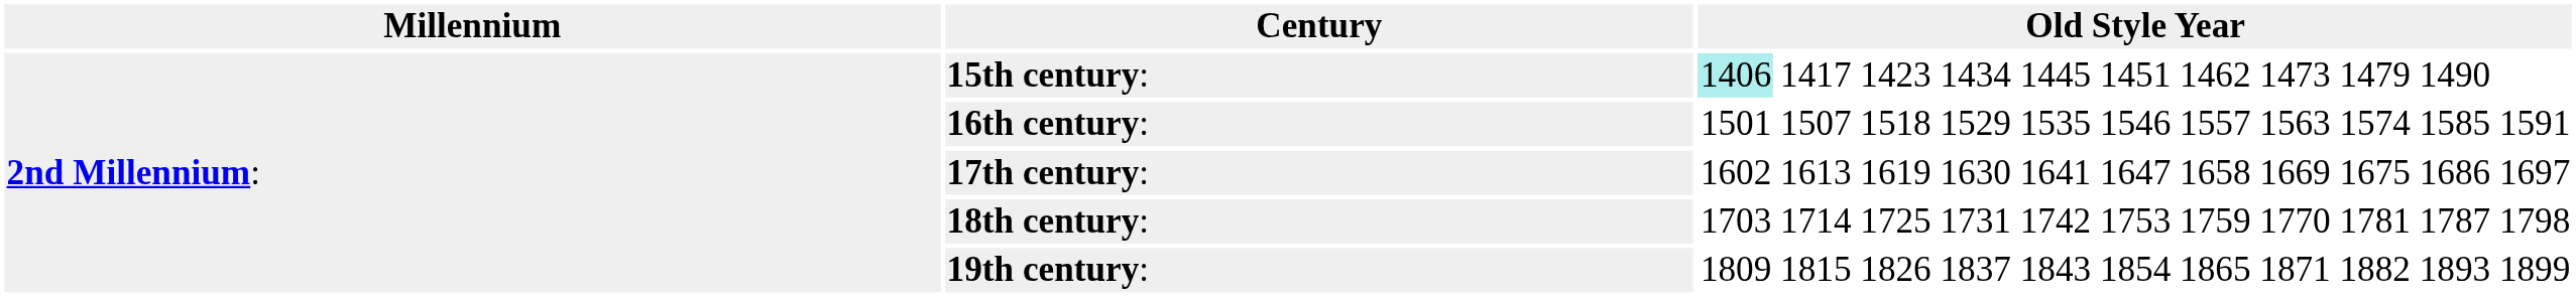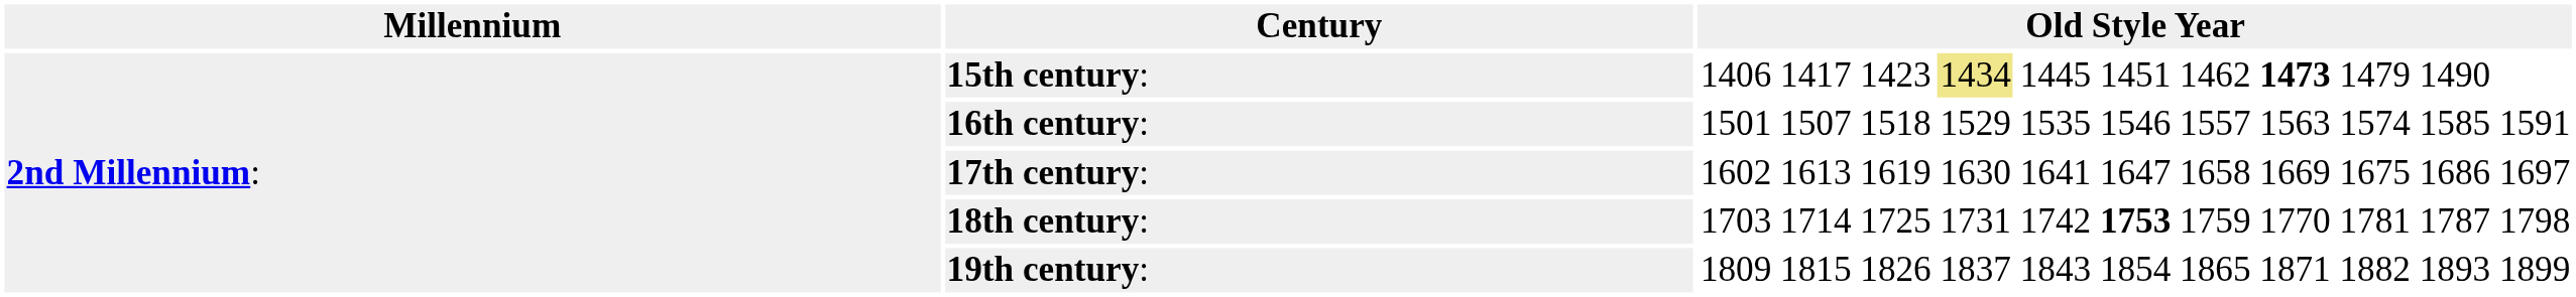 <table>
 <tr style="background-color:#efefef;">
 <th>Millennium</th>
 <th>Century</th>
 <th align="center" colspan="11">Old Style Year</th>
 </tr>
 <tr>
 <td style="background-color:#efefef;" rowspan="5"><strong><a href='#'>2nd Millennium</a></strong>:</td>
 <td style="background-color:#efefef;"><strong>15th century</strong>:</td>
-<td width="3%" style="background: paleturquoise;">1406</td>
+<td width="3%">1406</td>
 <td width="3%">1417</td>
 <td width="3%">1423</td>
-<td width="3%">1434</td>
+<td width="3%" style="background: khaki;">1434</td>
 <td width="3%">1445</td>
 <td width="3%">1451</td>
 <td width="3%">1462</td>
-<td width="3%">1473</td>
+<td width="3%"><strong>1473</strong></td>
 <td width="3%">1479</td>
 <td width="3%">1490</td>
 </tr>
 <tr>
 <td style="background-color:#efefef;"><strong>16th century</strong>:</td>
 <td width="3%">1501</td>
 <td width="3%">1507</td>
 <td width="3%">1518</td>
 <td width="3%">1529</td>
 <td width="3%">1535</td>
 <td width="3%">1546</td>
 <td width="3%">1557</td>
 <td width="3%">1563</td>
 <td width="3%">1574</td>
 <td width="3%">1585</td>
 <td width="3%">1591</td>
 </tr>
 <tr>
 <td style="background-color:#efefef;"><strong>17th century</strong>:</td>
 <td width="3%">1602</td>
 <td width="3%">1613</td>
 <td width="3%">1619</td>
 <td width="3%">1630</td>
 <td width="3%">1641</td>
 <td width="3%">1647</td>
 <td width="3%">1658</td>
 <td width="3%">1669</td>
 <td width="3%">1675</td>
 <td width="3%">1686</td>
 <td width="3%">1697</td>
 </tr>
 <tr>
 <td style="background-color:#efefef;"><strong>18th century</strong>:</td>
 <td width="3%">1703</td>
 <td width="3%">1714</td>
 <td width="3%">1725</td>
 <td width="3%">1731</td>
 <td width="3%">1742</td>
-<td width="3%">1753</td>
+<td width="3%"><strong>1753</strong></td>
 <td width="3%">1759</td>
 <td width="3%">1770</td>
 <td width="3%">1781</td>
 <td width="3%">1787</td>
 <td width="3%">1798</td>
 </tr>
 <tr>
 <td style="background-color:#efefef;"><strong>19th century</strong>:</td>
 <td width="3%">1809</td>
 <td width="3%">1815</td>
 <td width="3%">1826</td>
 <td width="3%">1837</td>
 <td width="3%">1843</td>
 <td width="3%">1854</td>
 <td width="3%">1865</td>
 <td width="3%">1871</td>
 <td width="3%">1882</td>
 <td width="3%">1893</td>
 <td width="3%">1899</td>
 </tr>
 </table>
